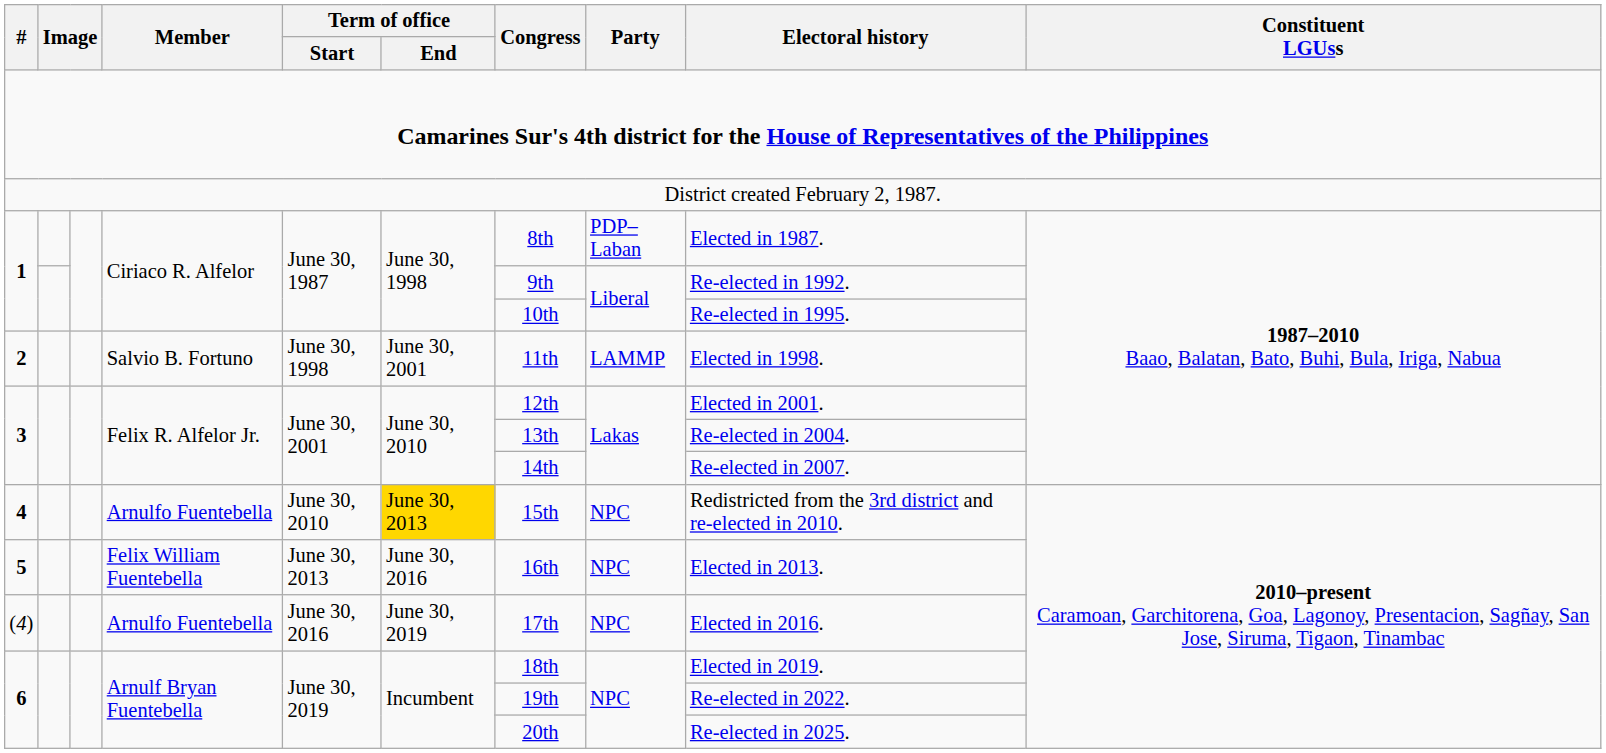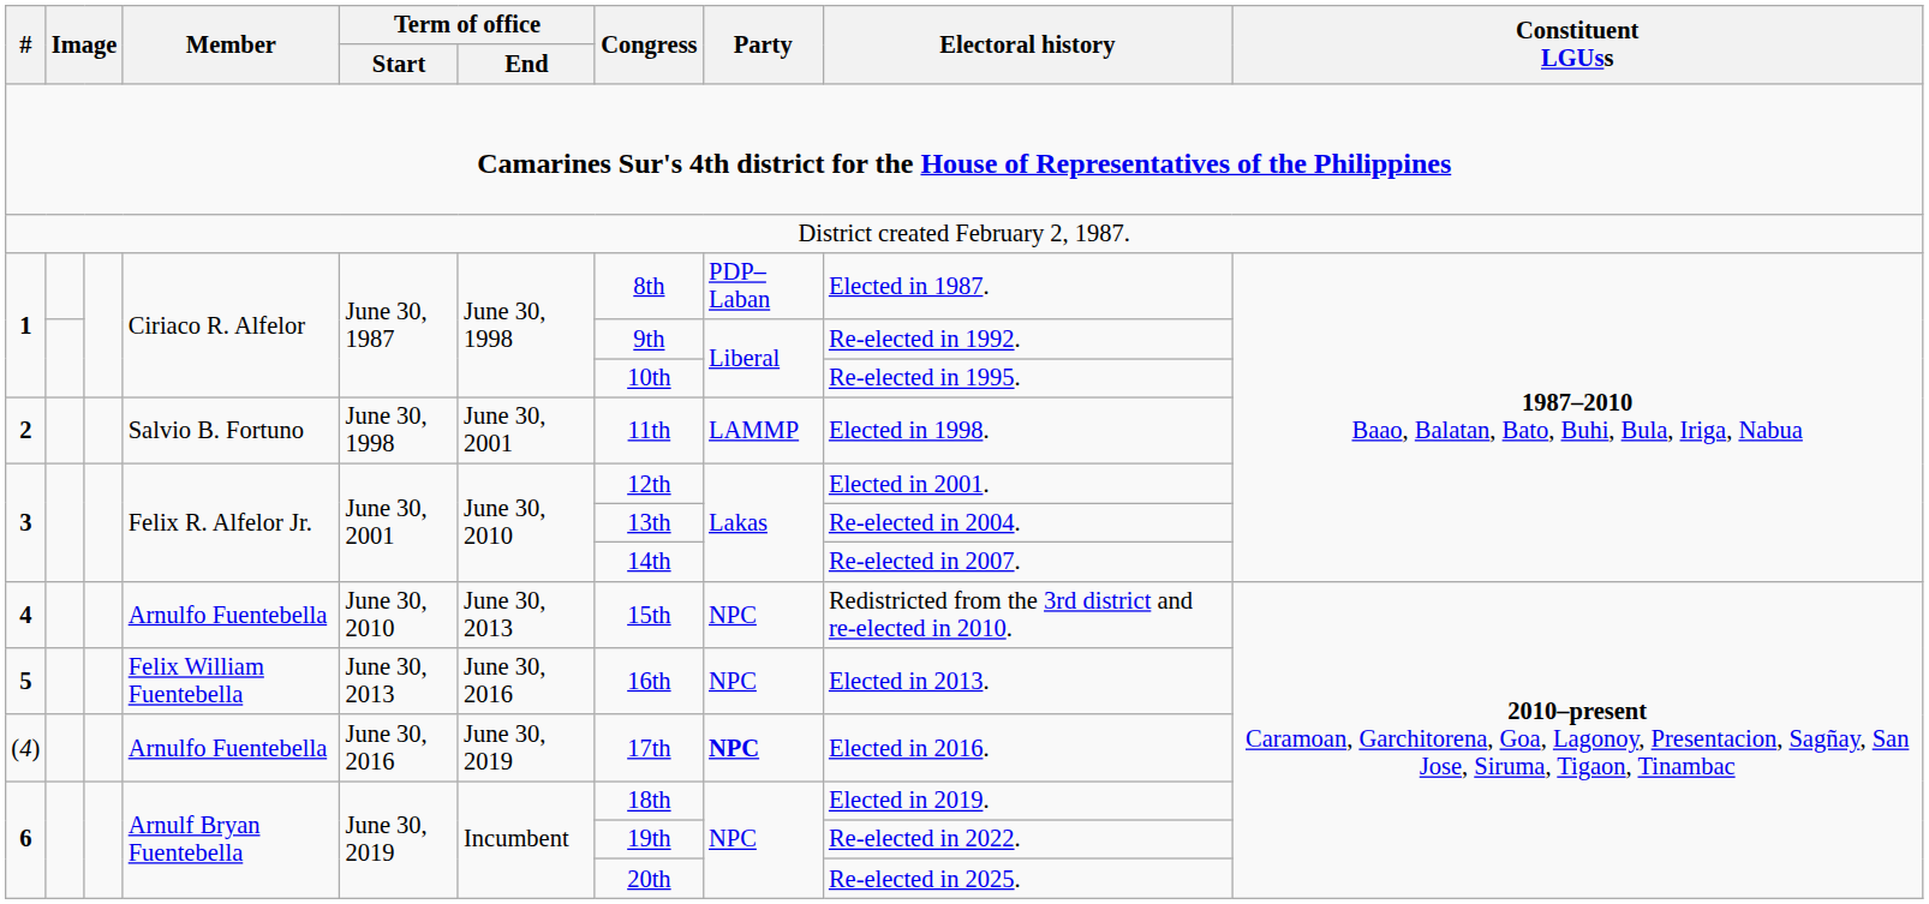 <table class=wikitable>
 <tr>
 <th rowspan="2">#</th>
 <th rowspan="2" colspan=2>Image</th>
 <th rowspan="2">Member</th>
 <th colspan=2>Term of office</th>
 <th rowspan="2">Congress</th>
 <th rowspan="2">Party</th>
 <th rowspan="2">Electoral history</th>
 <th rowspan="2">Constituent<br><a href='#'>LGUs</a>s</th>
 </tr>
 <tr>
 <th>Start</th>
 <th>End</th>
 </tr>
 <tr>
 <td colspan="10" style="text-align:center;"><br><h3>Camarines Sur's 4th district for the <a href='#'>House of Representatives of the Philippines</a></h3></td>
 </tr>
 <tr>
 <td colspan="10" style="text-align:center;">District created February 2, 1987.</td>
 </tr>
 <tr>
 <td rowspan="3" style="text-align:center;"><strong>1</strong></td>
 <td style="color:inherit;background:"></td>
 <td rowspan="3"></td>
 <td rowspan="3">Ciriaco R. Alfelor</td>
 <td rowspan="3">June 30, 1987</td>
 <td rowspan="3">June 30, 1998</td>
 <td style="text-align:center;"><a href='#'>8th</a></td>
 <td><a href='#'>PDP–Laban</a></td>
 <td><a href='#'>Elected in 1987</a>.</td>
 <td rowspan="7" style="text-align:center;"><strong>1987–2010</strong><br><a href='#'>Baao</a>, <a href='#'>Balatan</a>, <a href='#'>Bato</a>, <a href='#'>Buhi</a>, <a href='#'>Bula</a>, <a href='#'>Iriga</a>, <a href='#'>Nabua</a></td>
 </tr>
 <tr>
 <td rowspan="2" style="color:inherit;background:"></td>
 <td style="text-align:center;"><a href='#'>9th</a></td>
 <td rowspan="2"><a href='#'>Liberal</a></td>
 <td><a href='#'>Re-elected in 1992</a>.</td>
 </tr>
 <tr>
 <td style="text-align:center;"><a href='#'>10th</a></td>
 <td><a href='#'>Re-elected in 1995</a>.</td>
 </tr>
 <tr>
 <td style="text-align:center;"><strong>2</strong></td>
 <td style="color:inherit;background:"></td>
 <td></td>
 <td>Salvio B. Fortuno</td>
 <td>June 30, 1998</td>
 <td>June 30, 2001</td>
 <td style="text-align:center;"><a href='#'>11th</a></td>
 <td><a href='#'>LAMMP</a></td>
 <td><a href='#'>Elected in 1998</a>.</td>
 </tr>
 <tr>
 <td rowspan="3" style="text-align:center;"><strong>3</strong></td>
 <td rowspan="3" style="color:inherit;background:"></td>
 <td rowspan="3"></td>
 <td rowspan="3">Felix R. Alfelor Jr.</td>
 <td rowspan="3">June 30, 2001</td>
 <td rowspan="3">June 30, 2010</td>
 <td style="text-align:center;"><a href='#'>12th</a></td>
 <td rowspan="3"><a href='#'>Lakas</a></td>
 <td><a href='#'>Elected in 2001</a>.</td>
 </tr>
 <tr>
 <td style="text-align:center;"><a href='#'>13th</a></td>
 <td><a href='#'>Re-elected in 2004</a>.</td>
 </tr>
 <tr>
 <td style="text-align:center;"><a href='#'>14th</a></td>
 <td><a href='#'>Re-elected in 2007</a>.</td>
 </tr>
 <tr>
 <td style="text-align:center;"><strong>4</strong></td>
 <td style="color:inherit;background:"></td>
 <td></td>
 <td><a href='#'>Arnulfo Fuentebella</a></td>
 <td>June 30, 2010</td>
-<td style="background: gold;">June 30, 2013</td>
+<td>June 30, 2013</td>
 <td style="text-align:center;"><a href='#'>15th</a></td>
 <td><a href='#'>NPC</a></td>
 <td>Redistricted from the <a href='#'>3rd district</a> and <a href='#'>re-elected in 2010</a>.</td>
 <td rowspan="6" style="text-align:center;"><strong>2010–present</strong><br><a href='#'>Caramoan</a>, <a href='#'>Garchitorena</a>, <a href='#'>Goa</a>, <a href='#'>Lagonoy</a>, <a href='#'>Presentacion</a>, <a href='#'>Sagñay</a>, <a href='#'>San Jose</a>, <a href='#'>Siruma</a>, <a href='#'>Tigaon</a>, <a href='#'>Tinambac</a></td>
 </tr>
 <tr>
 <td style="text-align:center;"><strong>5</strong></td>
 <td style="color:inherit;background:"></td>
 <td></td>
 <td><a href='#'>Felix William Fuentebella</a></td>
 <td>June 30, 2013</td>
 <td>June 30, 2016</td>
 <td style="text-align:center;"><a href='#'>16th</a></td>
 <td><a href='#'>NPC</a></td>
 <td><a href='#'>Elected in 2013</a>.</td>
 </tr>
 <tr>
 <td style="text-align:center;">(<em>4</em>)</td>
 <td style="color:inherit;background:"></td>
 <td></td>
 <td><a href='#'>Arnulfo Fuentebella</a></td>
 <td>June 30, 2016</td>
 <td>June 30, 2019</td>
 <td style="text-align:center;"><a href='#'>17th</a></td>
-<td><a href='#'>NPC</a></td>
+<td><strong><a href='#'>NPC</a></strong></td>
 <td><a href='#'>Elected in 2016</a>.</td>
 </tr>
 <tr>
 <td rowspan="3" style="text-align:center;"><strong>6</strong></td>
 <td rowspan="3" style="color:inherit;background:"></td>
 <td rowspan="3"></td>
 <td rowspan="3"><a href='#'>Arnulf Bryan Fuentebella</a></td>
 <td rowspan="3">June 30, 2019</td>
 <td rowspan="3">Incumbent</td>
 <td style="text-align:center;"><a href='#'>18th</a></td>
 <td rowspan="3"><a href='#'>NPC</a></td>
 <td><a href='#'>Elected in 2019</a>.</td>
 </tr>
 <tr>
 <td style="text-align:center;"><a href='#'>19th</a></td>
 <td><a href='#'>Re-elected in 2022</a>.</td>
 </tr>
 <tr>
 <td style="text-align:center;"><a href='#'>20th</a></td>
 <td><a href='#'>Re-elected in 2025</a>.</td>
 </tr>
 </table>
